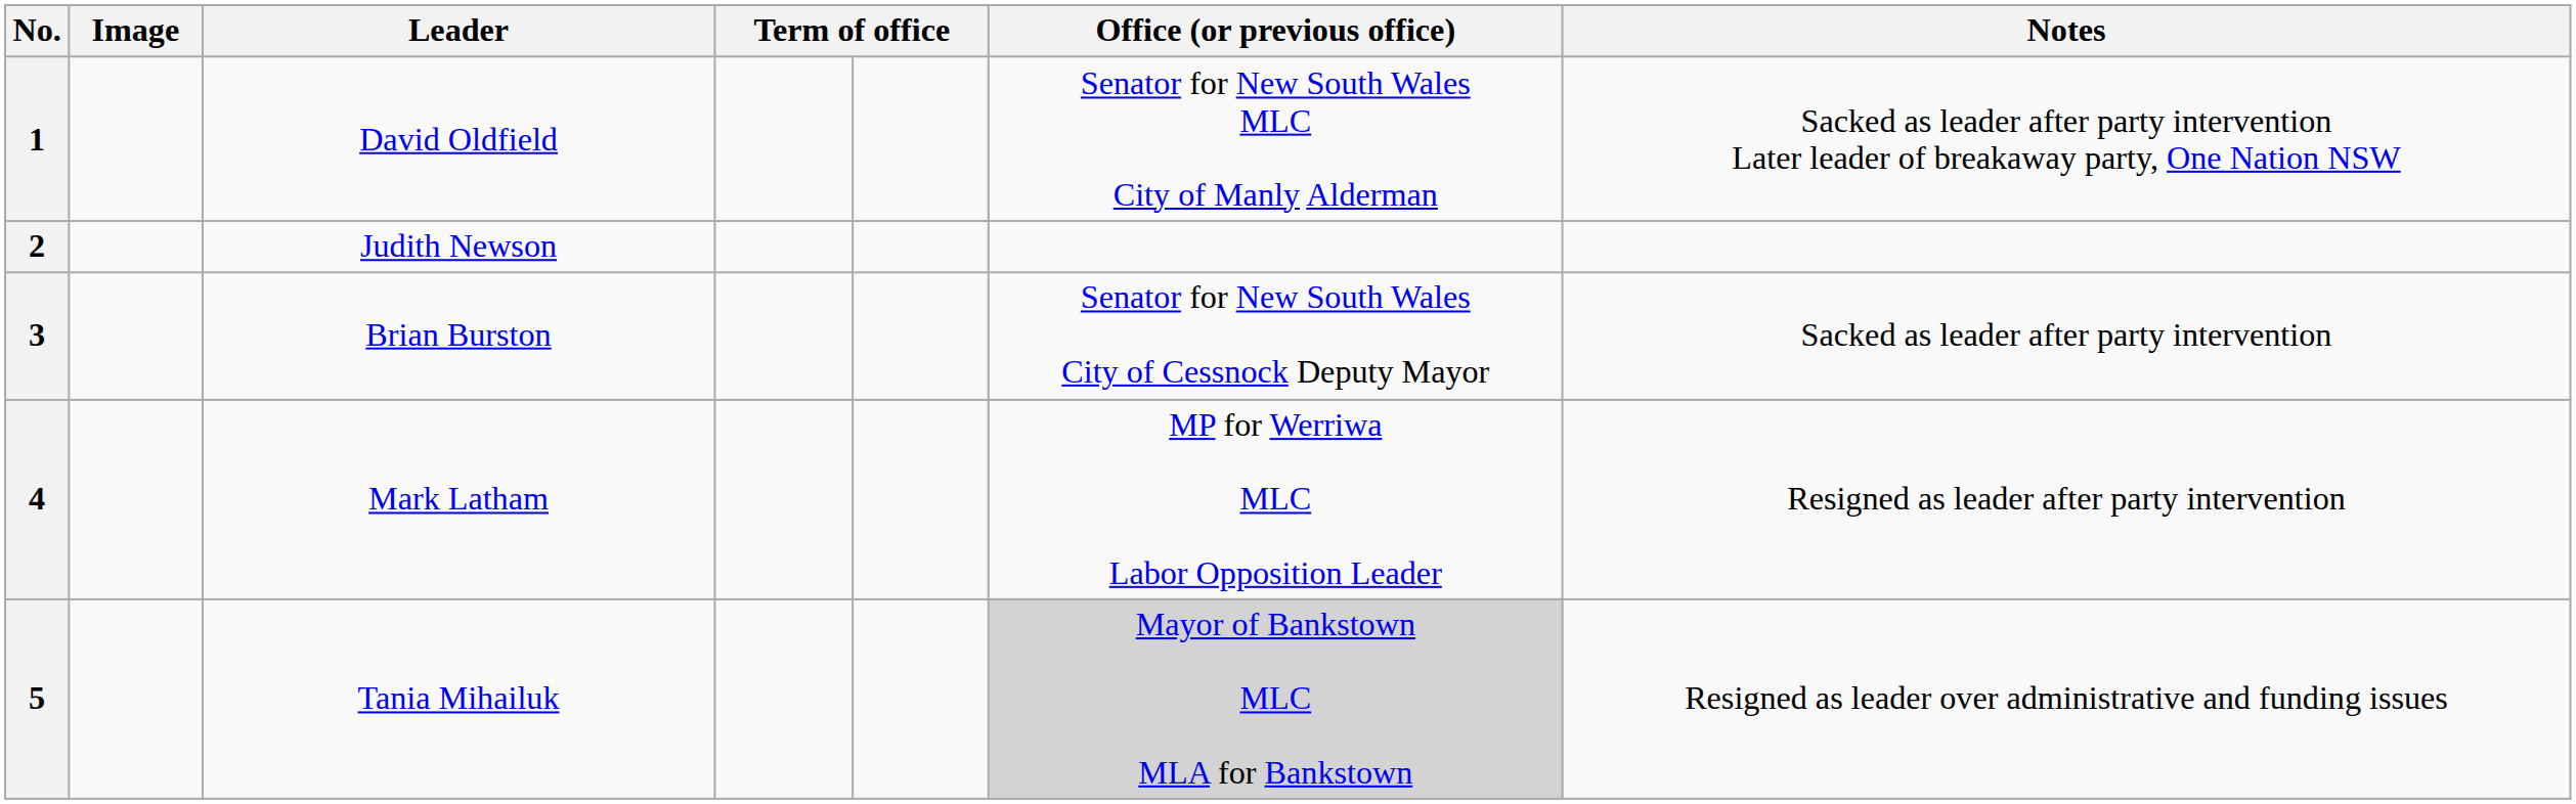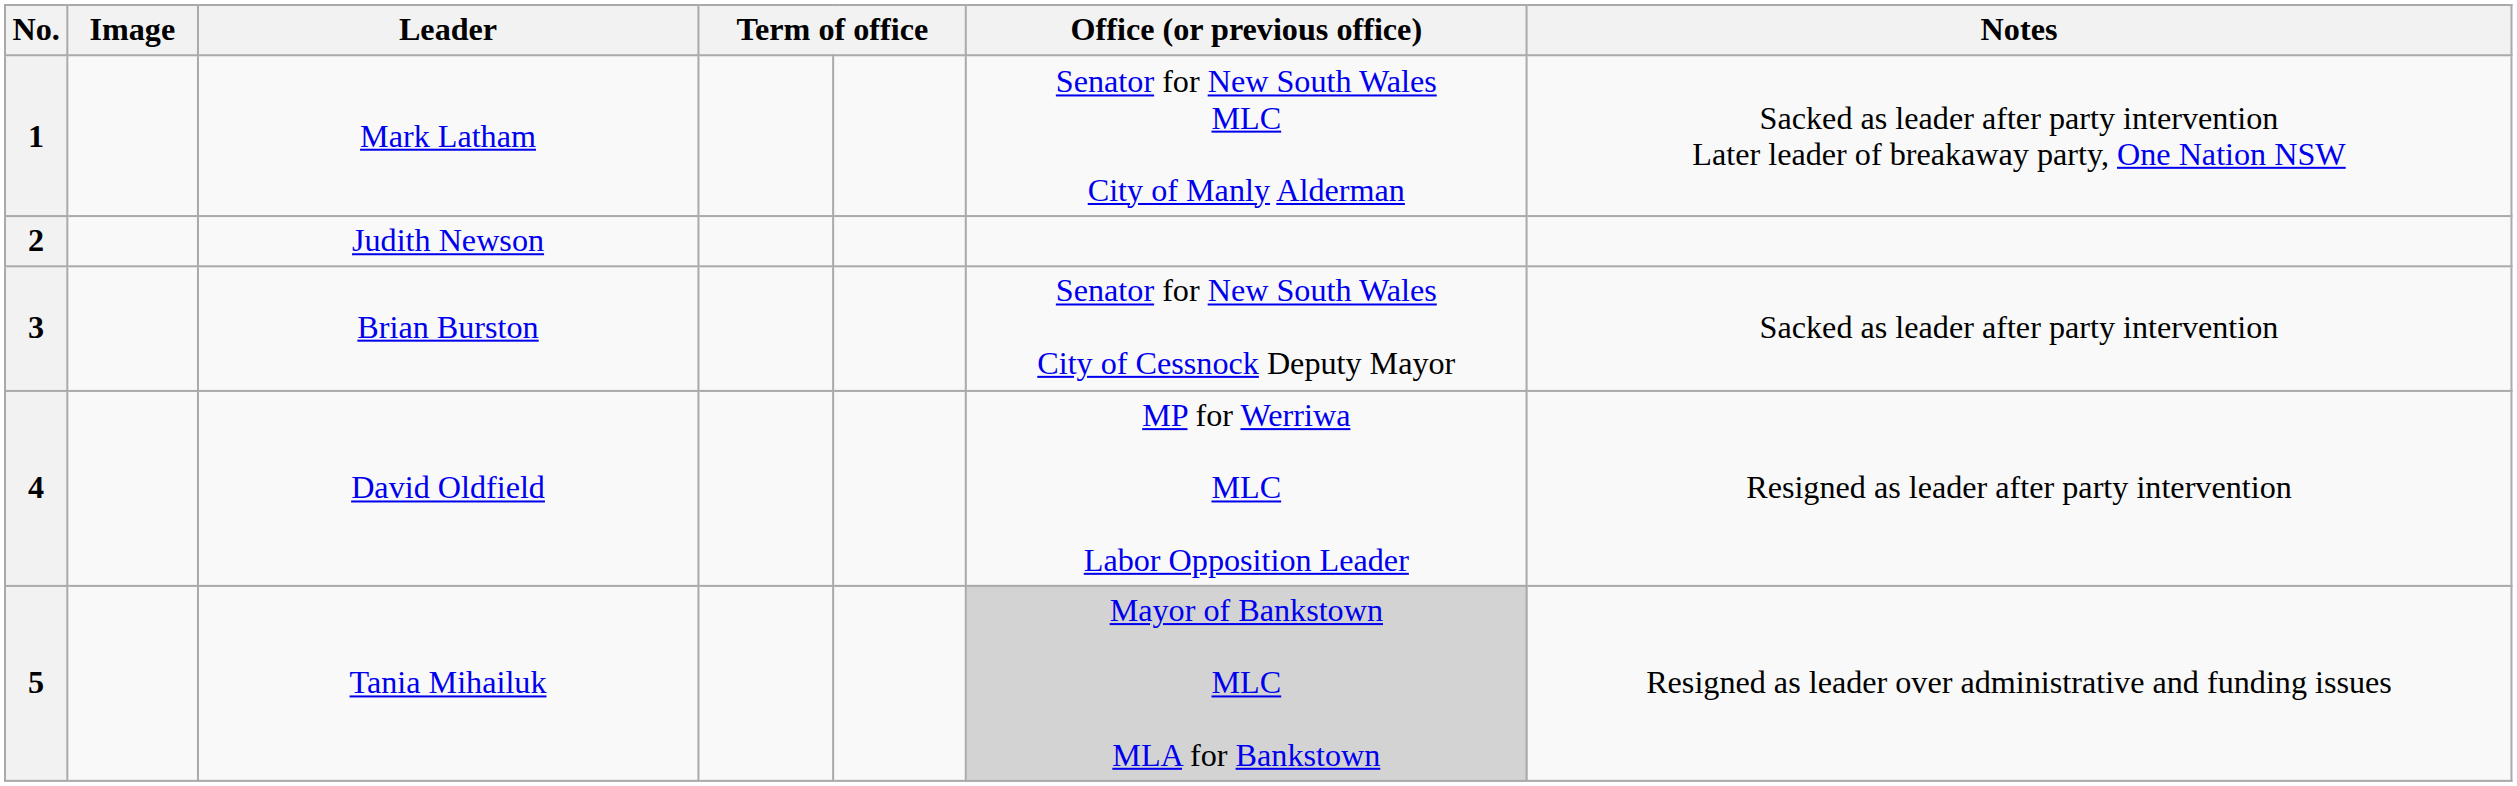 <table class="wikitable" style="text-align:center">
 <tr>
 <th width=2%>No.</th>
 <th>Image</th>
 <th style="width:20%;">Leader</th>
 <th colspan="2">Term of office</th>
 <th>Office (or previous office)</th>
 <th>Notes</th>
 </tr>
 <tr>
 <th style="background:">1</th>
 <td></td>
-<td style="text-align:center;"><a href='#'>David Oldfield</a></td>
+<td style="text-align:center;"><a href='#'>Mark Latham</a></td>
 <td></td>
 <td></td>
 <td><a href='#'>Senator</a> for <a href='#'>New South Wales</a><br> <a href='#'>MLC</a> <br><br><a href='#'>City of Manly</a> <a href='#'>Alderman</a><br></td>
 <td>Sacked as leader after party intervention<br>Later leader of breakaway party, <a href='#'>One Nation NSW</a> </td>
 </tr>
 <tr>
 <th style="background:">2</th>
 <td></td>
 <td style="text-align:center;"><a href='#'>Judith Newson</a></td>
 <td></td>
 <td></td>
 <td></td>
 <td></td>
 </tr>
 <tr>
 <th style="background:">3</th>
 <td></td>
 <td style="text-align:center;"><a href='#'>Brian Burston</a></td>
 <td></td>
 <td></td>
 <td><a href='#'>Senator</a> for <a href='#'>New South Wales</a><br> <br> <a href='#'>City of Cessnock</a> Deputy Mayor<br></td>
 <td>Sacked as leader after party intervention</td>
 </tr>
 <tr>
 <th style="background:">4</th>
 <td></td>
-<td style="text-align:center;"><a href='#'>Mark Latham</a></td>
+<td style="text-align:center;"><a href='#'>David Oldfield</a></td>
 <td></td>
 <td></td>
 <td><a href='#'>MP</a> for <a href='#'>Werriwa</a> <br> <br> <a href='#'>MLC</a> <br> <br> <a href='#'>Labor Opposition Leader</a> <br></td>
 <td>Resigned as leader after party intervention</td>
 </tr>
 <tr>
 <th style="background:">5</th>
 <td></td>
 <td style="text-align:center;"><a href='#'>Tania Mihailuk</a></td>
 <td></td>
 <td></td>
 <td style="background: lightgrey;"><a href='#'>Mayor of Bankstown</a> <br> <br> <a href='#'>MLC</a> <br> <br> <a href='#'> MLA</a> for <a href='#'>Bankstown</a> <br></td>
 <td>Resigned as leader over administrative and funding issues</td>
 </tr>
 </table>
